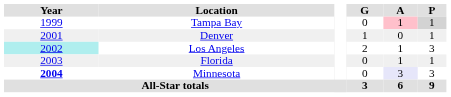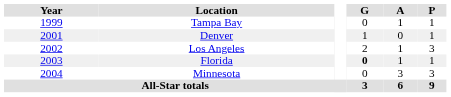 <table border="0" cellpadding="0" cellspacing="0" style="width:50%;">
 <tr style="text-align:center; background:#e0e0e0;">
 <th>Year</th>
 <th>Location</th>
 <th rowspan="99" style="text-align:center; background:#fff;"> </th>
 <th>G</th>
 <th>A</th>
 <th>P</th>
 </tr>
 <tr style="text-align:center;">
 <td><a href='#'>1999</a></td>
 <td><a href='#'>Tampa Bay</a></td>
 <td>0</td>
-<td style="background: pink;">1</td>
-<td style="background: lightgrey;">1</td>
+<td>1</td>
+<td>1</td>
 </tr>
 <tr style="text-align:center; background:#f0f0f0;">
 <td><a href='#'>2001</a></td>
 <td><a href='#'>Denver</a></td>
 <td>1</td>
 <td>0</td>
 <td>1</td>
 </tr>
 <tr style="text-align:center;">
-<td style="background: paleturquoise;"><a href='#'>2002</a></td>
+<td><a href='#'>2002</a></td>
 <td><a href='#'>Los Angeles</a></td>
 <td>2</td>
 <td>1</td>
 <td>3</td>
 </tr>
 <tr style="text-align:center; background:#f0f0f0;">
 <td><a href='#'>2003</a></td>
 <td><a href='#'>Florida</a></td>
-<td>0</td>
+<td><strong>0</strong></td>
 <td>1</td>
 <td>1</td>
 </tr>
 <tr style="text-align:center;">
-<td><strong><a href='#'>2004</a></strong></td>
+<td><a href='#'>2004</a></td>
 <td><a href='#'>Minnesota</a></td>
 <td>0</td>
-<td style="background: lavender;">3</td>
+<td>3</td>
 <td>3</td>
 </tr>
 <tr style="text-align:center; background:#e0e0e0;">
 <th colspan=3>All-Star totals</th>
 <th>3</th>
 <th>6</th>
 <th>9</th>
 </tr>
 </table>
